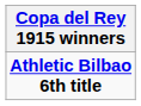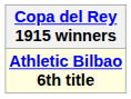 <table class="wikitable" style="text-align: center; margin: 0 auto;">
 <tr>
 <th><a href='#'>Copa del Rey</a><br>1915 winners</th>
 </tr>
 <tr>
-<td><strong><a href='#'>Athletic Bilbao</a></strong><br><strong>6th title</strong></td>
+<td style="background: lightyellow;"><strong><a href='#'>Athletic Bilbao</a></strong><br><strong>6th title</strong></td>
 </tr>
 </table>
